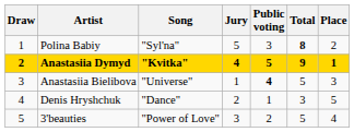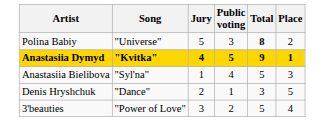 <table class="sortable wikitable plainrowheaders" style="margin: 1em auto 1em auto; text-align:center">
 <tr>
-<th scope="col">Draw</th>
 <th scope="col">Artist</th>
 <th scope="col">Song</th>
 <th scope="col">Jury</th>
 <th scope="col">Public<br>voting</th>
 <th scope="col">Total</th>
 <th scope="col">Place</th>
 </tr>
 <tr>
-<td scope="row" style="text-align:center;">1</td>
 <td align="left">Polina Babiy</td>
-<td align="left">"Syl'na" </td>
+<td align="left">"Universe"</td>
 <td>5</td>
 <td>3</td>
 <td><strong>8</strong></td>
 <td>2</td>
 </tr>
 <tr bgcolor="gold">
-<td scope="row" style="text-align:center;"><strong>2</strong></td>
 <td align="left"><strong>Anastasiia Dymyd</strong></td>
 <td align="left"><strong>"Kvitka" </strong></td>
 <td><strong>4</strong></td>
 <td><strong>5</strong></td>
 <td><strong>9</strong></td>
 <td><strong>1</strong></td>
 </tr>
 <tr>
-<td scope="row" style="text-align:center;">3</td>
 <td align="left">Anastasiia Bielibova</td>
-<td align="left">"Universe"</td>
+<td align="left">"Syl'na" </td>
 <td>1</td>
-<td><strong>4</strong></td>
+<td>4</td>
 <td>5</td>
 <td>3</td>
 </tr>
 <tr>
-<td scope="row" style="text-align:center;">4</td>
 <td align="left">Denis Hryshchuk</td>
 <td align="left">"Dance"</td>
 <td>2</td>
 <td>1</td>
 <td>3</td>
 <td>5</td>
 </tr>
 <tr>
-<td scope="row" style="text-align:center;">5</td>
 <td align="left">3'beauties</td>
 <td align="left">"Power of Love"</td>
 <td>3</td>
 <td>2</td>
 <td>5</td>
 <td>4</td>
 </tr>
 </table>
